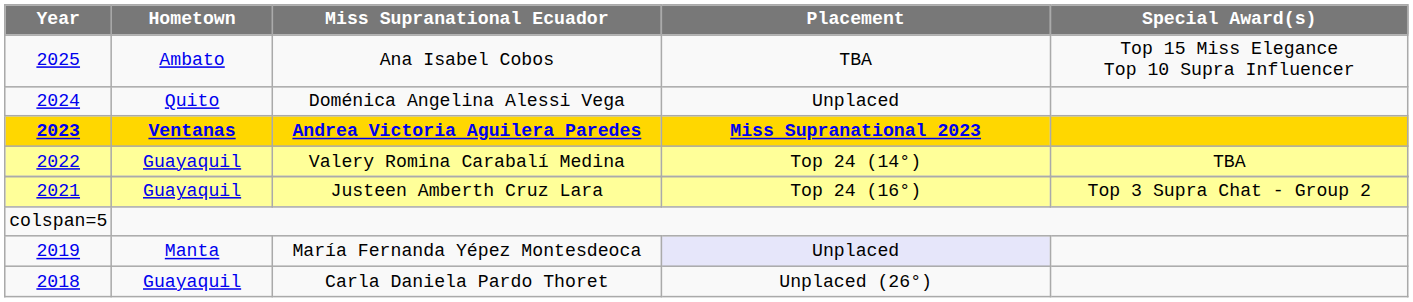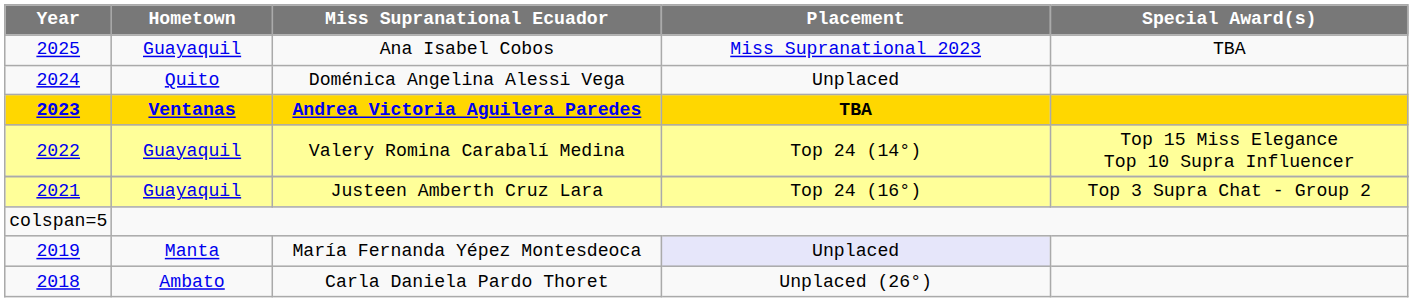 <table class="wikitable" style="font-size: 92%; text-align:center">
 <tr>
 <th width="60" style="background-color:#787878;color:#FFFFFF;">Year</th>
 <th width="100" style="background-color:#787878;color:#FFFFFF;">Hometown</th>
 <th width="250" style="background-color:#787878;color:#FFFFFF;">Miss Supranational Ecuador</th>
 <th width="250" style="background-color:#787878;color:#FFFFFF;">Placement</th>
 <th width="230" style="background-color:#787878;color:#FFFFFF;">Special Award(s)</th>
 </tr>
 <tr>
 <td><a href='#'>2025</a></td>
-<td><a href='#'>Ambato</a></td>
+<td><a href='#'>Guayaquil</a></td>
 <td>Ana Isabel Cobos</td>
+<td><a href='#'>Miss Supranational 2023</a></td>
 <td>TBA</td>
-<td>Top 15 Miss Elegance<br>Top 10 Supra Influencer</td>
 </tr>
 <tr>
 <td><a href='#'>2024</a></td>
 <td><a href='#'>Quito</a></td>
 <td>Doménica Angelina Alessi Vega</td>
 <td>Unplaced</td>
 <td></td>
 </tr>
 <tr style="background-color:GOLD; font-weight: bold">
 <td><a href='#'>2023</a></td>
 <td><a href='#'>Ventanas</a></td>
 <td><a href='#'>Andrea Victoria Aguilera Paredes</a></td>
-<td><a href='#'>Miss Supranational 2023</a></td>
+<td>TBA</td>
 <td></td>
 </tr>
 <tr style="background-color:#FFFF99; ">
 <td><a href='#'>2022</a></td>
 <td><a href='#'>Guayaquil</a></td>
 <td>Valery Romina Carabalí Medina</td>
 <td>Top 24 (14°)</td>
-<td>TBA</td>
+<td>Top 15 Miss Elegance<br>Top 10 Supra Influencer</td>
 </tr>
 <tr>
 </tr>
 <tr style="background-color:#FFFF99; ">
 <td><a href='#'>2021</a></td>
 <td><a href='#'>Guayaquil</a></td>
 <td>Justeen Amberth Cruz Lara</td>
 <td>Top 24 (16°)</td>
 <td>Top 3 Supra Chat - Group 2</td>
 </tr>
 <tr>
 <td>colspan=5 </td>
 </tr>
 <tr>
 <td><a href='#'>2019</a></td>
 <td><a href='#'>Manta</a></td>
 <td>María Fernanda Yépez Montesdeoca</td>
 <td style="background: lavender;">Unplaced</td>
 <td></td>
 </tr>
 <tr>
 <td><a href='#'>2018</a></td>
-<td><a href='#'>Guayaquil</a></td>
+<td><a href='#'>Ambato</a></td>
 <td>Carla Daniela Pardo Thoret</td>
 <td>Unplaced (26°)</td>
 <td></td>
 </tr>
 </table>
